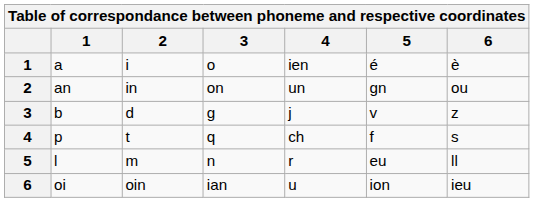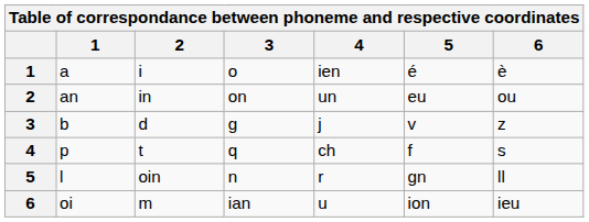 <table class="wikitable">
 <tr>
 <th colspan="7">Table of correspondance between phoneme and respective coordinates</th>
 </tr>
 <tr>
 <th></th>
 <th>1</th>
 <th>2</th>
 <th>3</th>
 <th>4</th>
 <th>5</th>
 <th>6</th>
 </tr>
 <tr>
 <th>1</th>
 <td>a</td>
 <td>i</td>
 <td>o</td>
 <td>ien</td>
 <td>é</td>
 <td>è</td>
 </tr>
 <tr>
 <th>2</th>
 <td>an</td>
 <td>in</td>
 <td>on</td>
 <td>un</td>
-<td>gn</td>
+<td>eu</td>
 <td>ou</td>
 </tr>
 <tr>
 <th>3</th>
 <td>b</td>
 <td>d</td>
 <td>g</td>
 <td>j</td>
 <td>v</td>
 <td>z</td>
 </tr>
 <tr>
 <th>4</th>
 <td>p</td>
 <td>t</td>
 <td>q</td>
 <td>ch</td>
 <td>f</td>
 <td>s</td>
 </tr>
 <tr>
 <th>5</th>
 <td>l</td>
-<td>m</td>
+<td>oin</td>
 <td>n</td>
 <td>r</td>
-<td>eu</td>
+<td>gn</td>
 <td>ll</td>
 </tr>
 <tr>
 <th>6</th>
 <td>oi</td>
-<td>oin</td>
+<td>m</td>
 <td>ian</td>
 <td>u</td>
 <td>ion</td>
 <td>ieu</td>
 </tr>
 </table>
